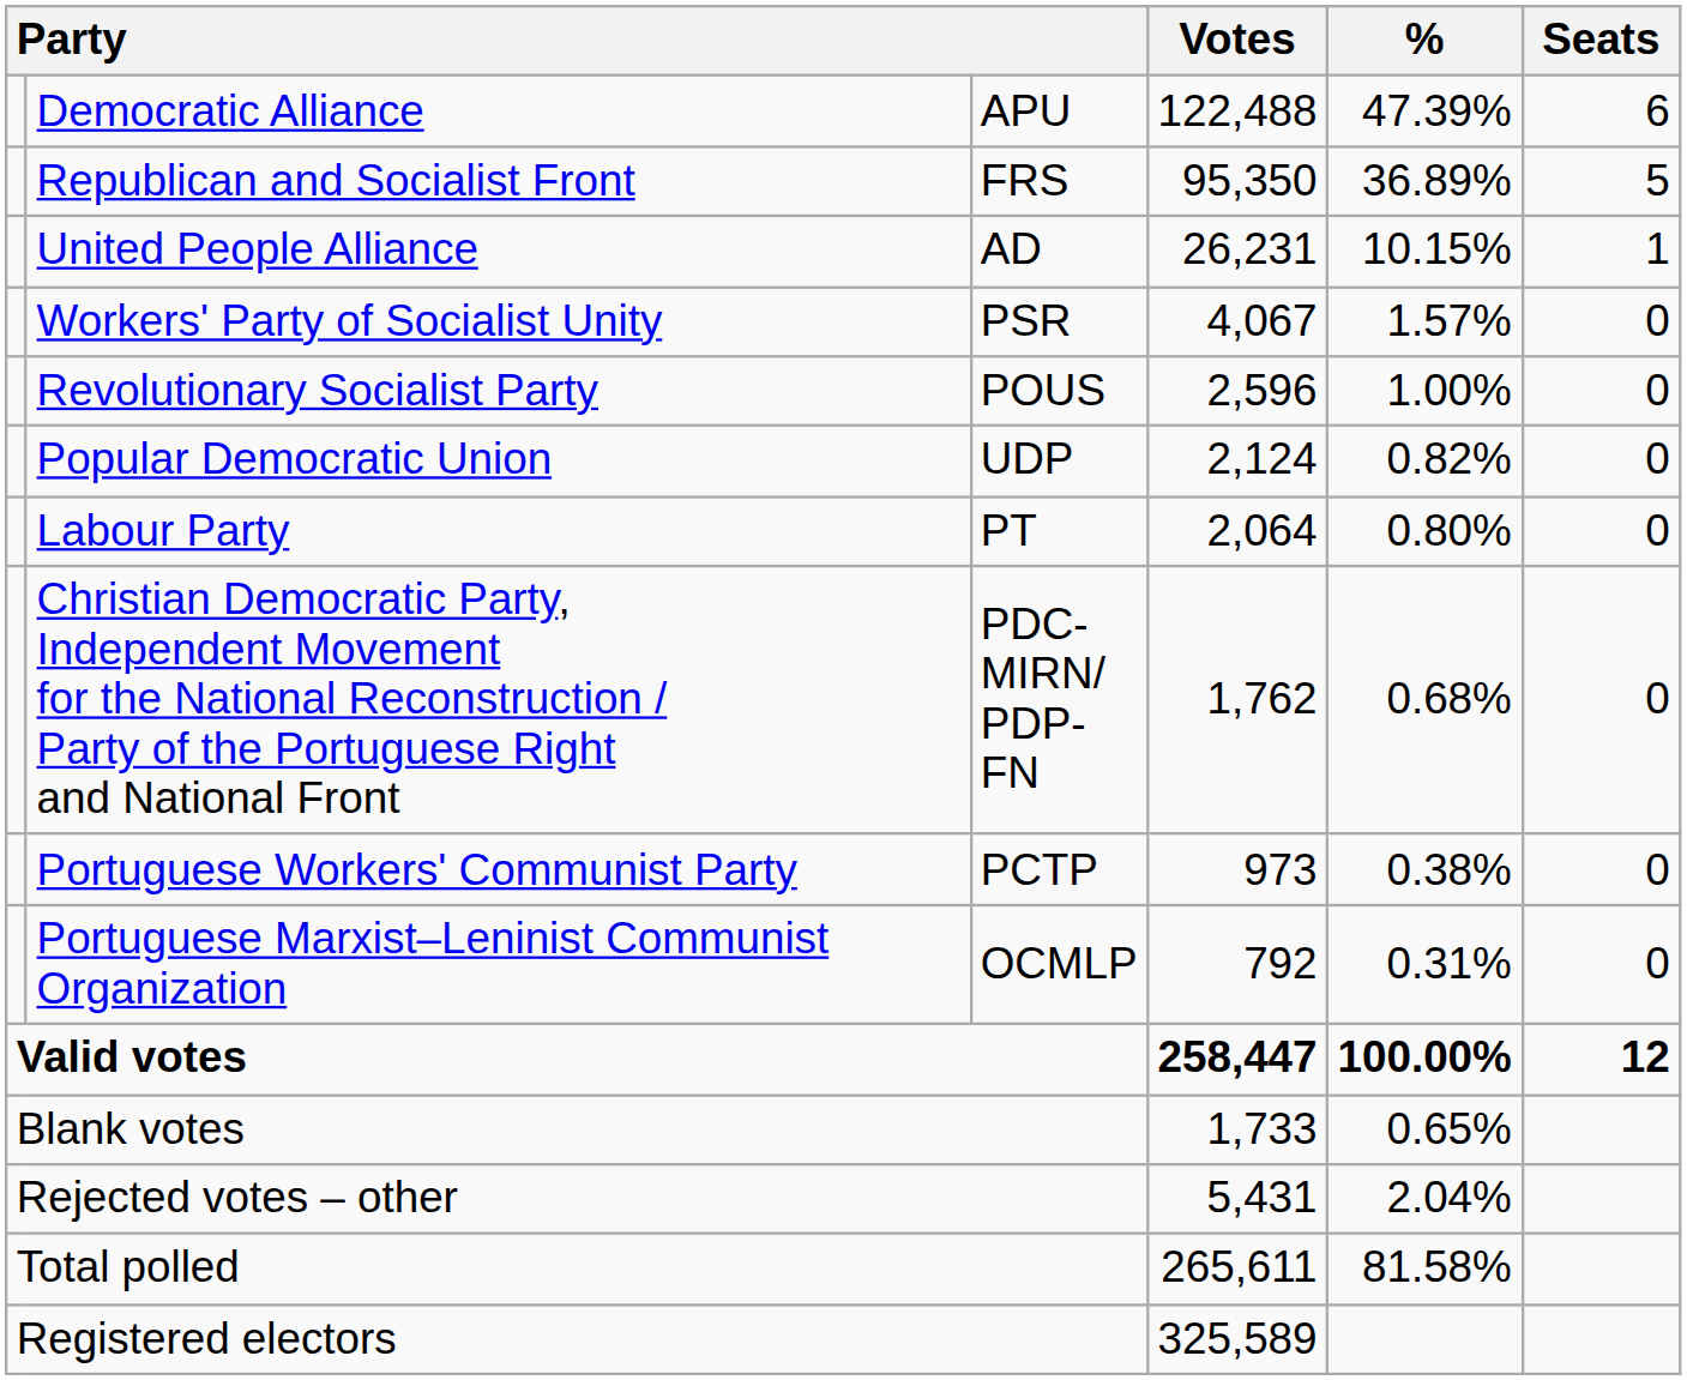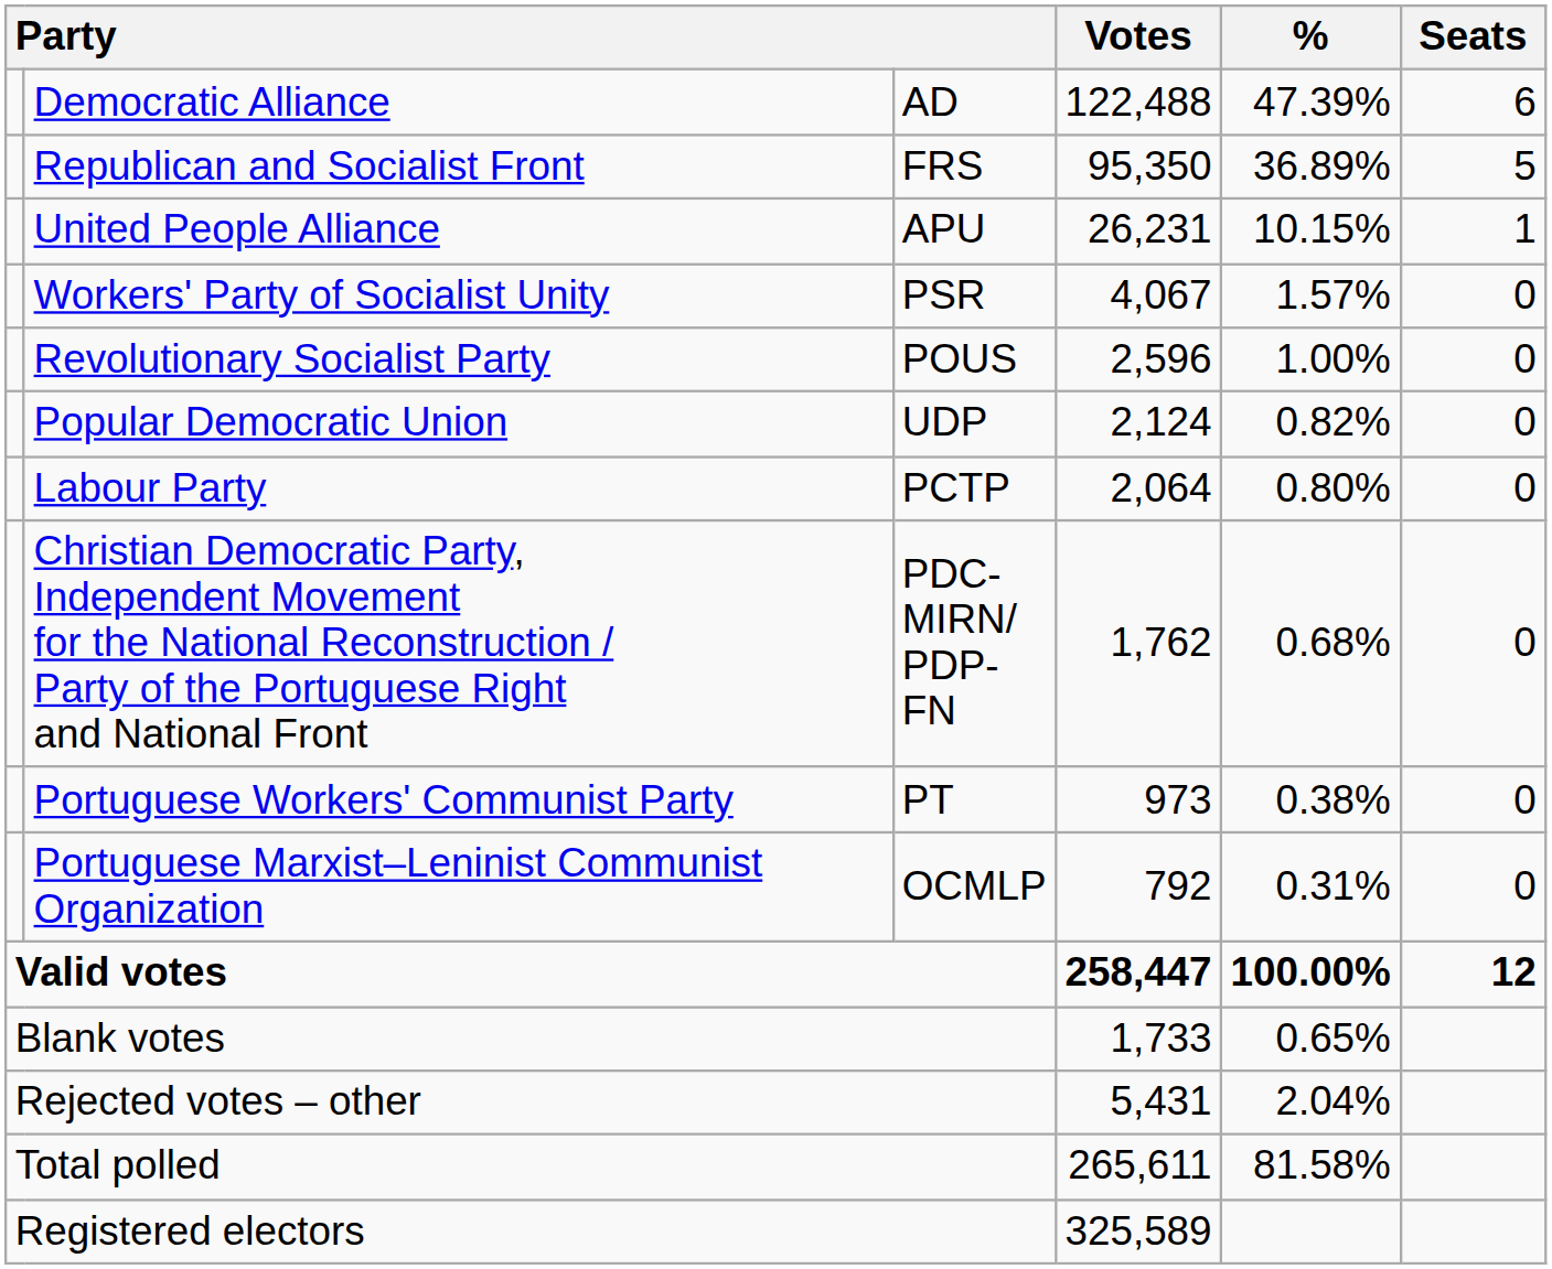 <table class="wikitable" border="1" style="text-align:right;">
 <tr>
 <th style="text-align:left;" colspan=3>Party</th>
 <th align=center width="50">Votes</th>
 <th align=center width="50">%</th>
 <th align=center width="50">Seats</th>
 </tr>
 <tr>
 <td></td>
 <td align=left><a href='#'>Democratic Alliance</a></td>
-<td align=left>APU</td>
+<td align=left>AD</td>
 <td>122,488</td>
 <td>47.39%</td>
 <td>6</td>
 </tr>
 <tr>
 <td></td>
 <td align=left style="white-space: nowrap;"><a href='#'>Republican and Socialist Front</a></td>
 <td align=left>FRS</td>
 <td>95,350</td>
 <td>36.89%</td>
 <td>5</td>
 </tr>
 <tr>
 <td></td>
 <td align=left><a href='#'>United People Alliance</a></td>
-<td align=left>AD</td>
+<td align=left>APU</td>
 <td>26,231</td>
 <td>10.15%</td>
 <td>1</td>
 </tr>
 <tr>
 <td></td>
 <td align=left><a href='#'>Workers' Party of Socialist Unity</a></td>
 <td align=left>PSR</td>
 <td>4,067</td>
 <td>1.57%</td>
 <td>0</td>
 </tr>
 <tr>
 <td></td>
 <td align=left><a href='#'>Revolutionary Socialist Party</a></td>
 <td align=left>POUS</td>
 <td>2,596</td>
 <td>1.00%</td>
 <td>0</td>
 </tr>
 <tr>
 <td></td>
 <td align=left><a href='#'>Popular Democratic Union</a></td>
 <td align=left>UDP</td>
 <td>2,124</td>
 <td>0.82%</td>
 <td>0</td>
 </tr>
 <tr>
 <td></td>
 <td align=left><a href='#'>Labour Party</a></td>
-<td align=left>PT</td>
+<td align=left>PCTP</td>
 <td>2,064</td>
 <td>0.80%</td>
 <td>0</td>
 </tr>
 <tr>
 <td></td>
 <td align=left><a href='#'>Christian Democratic Party</a>,<br><a href='#'>Independent Movement<br>for the National Reconstruction /<br>Party of the Portuguese Right</a><br>and National Front</td>
 <td align=left>PDC-<br>MIRN/<br>PDP-<br>FN</td>
 <td>1,762</td>
 <td>0.68%</td>
 <td>0</td>
 </tr>
 <tr>
 <td></td>
 <td align=left><a href='#'>Portuguese Workers' Communist Party</a></td>
-<td align=left>PCTP</td>
+<td align=left>PT</td>
 <td>973</td>
 <td>0.38%</td>
 <td>0</td>
 </tr>
 <tr>
 <td></td>
 <td align=left><a href='#'>Portuguese Marxist–Leninist Communist Organization</a></td>
 <td align=left>OCMLP</td>
 <td>792</td>
 <td>0.31%</td>
 <td>0</td>
 </tr>
 <tr style="font-weight:bold">
 <td align=left colspan=3>Valid votes</td>
 <td>258,447</td>
 <td>100.00%</td>
 <td>12</td>
 </tr>
 <tr>
 <td align=left colspan=3>Blank votes</td>
 <td>1,733</td>
 <td>0.65%</td>
 <td></td>
 </tr>
 <tr>
 <td align=left colspan=3>Rejected votes – other</td>
 <td>5,431</td>
 <td>2.04%</td>
 <td></td>
 </tr>
 <tr>
 <td align=left colspan=3>Total polled</td>
 <td>265,611</td>
 <td>81.58%</td>
 <td></td>
 </tr>
 <tr>
 <td align=left colspan=3>Registered electors</td>
 <td>325,589</td>
 <td></td>
 <td></td>
 </tr>
 </table>
